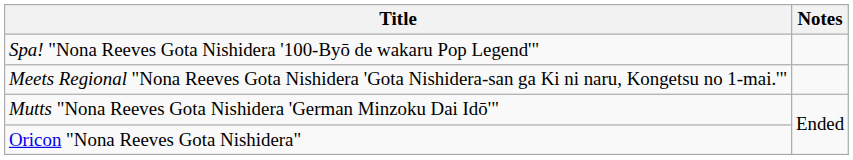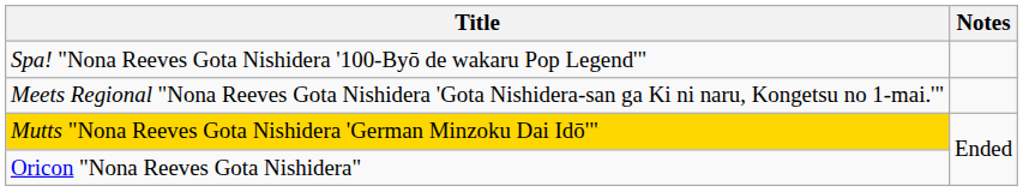 <table class="wikitable">
 <tr>
 <th>Title</th>
 <th>Notes</th>
 </tr>
 <tr>
 <td><em>Spa!</em> "Nona Reeves Gota Nishidera '100-Byō de wakaru Pop Legend'"</td>
 <td></td>
 </tr>
 <tr>
 <td><em>Meets Regional</em> "Nona Reeves Gota Nishidera 'Gota Nishidera-san ga Ki ni naru, Kongetsu no 1-mai.'"</td>
 <td></td>
 </tr>
 <tr>
-<td><em>Mutts</em> "Nona Reeves Gota Nishidera 'German Minzoku Dai Idō'"</td>
+<td style="background: gold;"><em>Mutts</em> "Nona Reeves Gota Nishidera 'German Minzoku Dai Idō'"</td>
 <td rowspan="2">Ended</td>
 </tr>
 <tr>
 <td><a href='#'>Oricon</a> "Nona Reeves Gota Nishidera"</td>
 </tr>
 </table>
